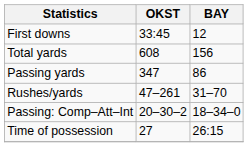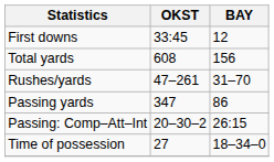 <table class="wikitable" style="float: left;">
 <tr>
 <th>Statistics</th>
 <th>OKST</th>
 <th>BAY</th>
 </tr>
 <tr>
 <td>First downs</td>
 <td>33:45</td>
 <td>12</td>
 </tr>
 <tr>
 <td>Total yards</td>
 <td>608</td>
 <td>156</td>
 </tr>
 <tr>
+<td>Rushes/yards</td>
+<td>47–261</td>
+<td>31–70</td>
+</tr>
+<tr>
 <td>Passing yards</td>
 <td>347</td>
 <td>86</td>
 </tr>
 <tr>
-<td>Rushes/yards</td>
-<td>47–261</td>
-<td>31–70</td>
-</tr>
-<tr>
 <td>Passing: Comp–Att–Int</td>
 <td>20–30–2</td>
-<td>18–34–0</td>
+<td>26:15</td>
 </tr>
 <tr>
 <td>Time of possession</td>
 <td>27</td>
-<td>26:15</td>
+<td>18–34–0</td>
 </tr>
 <tr>
 </tr>
 </table>
